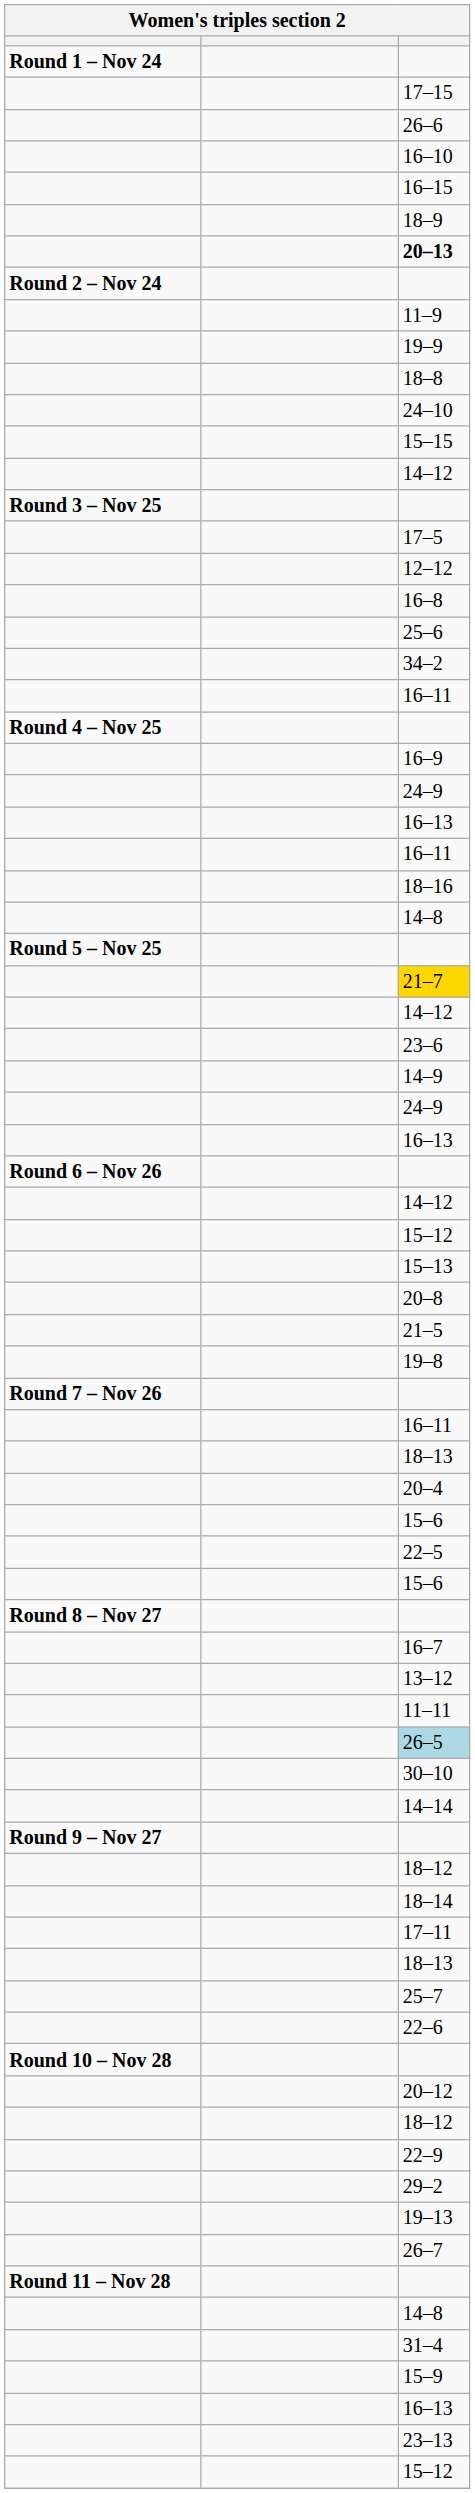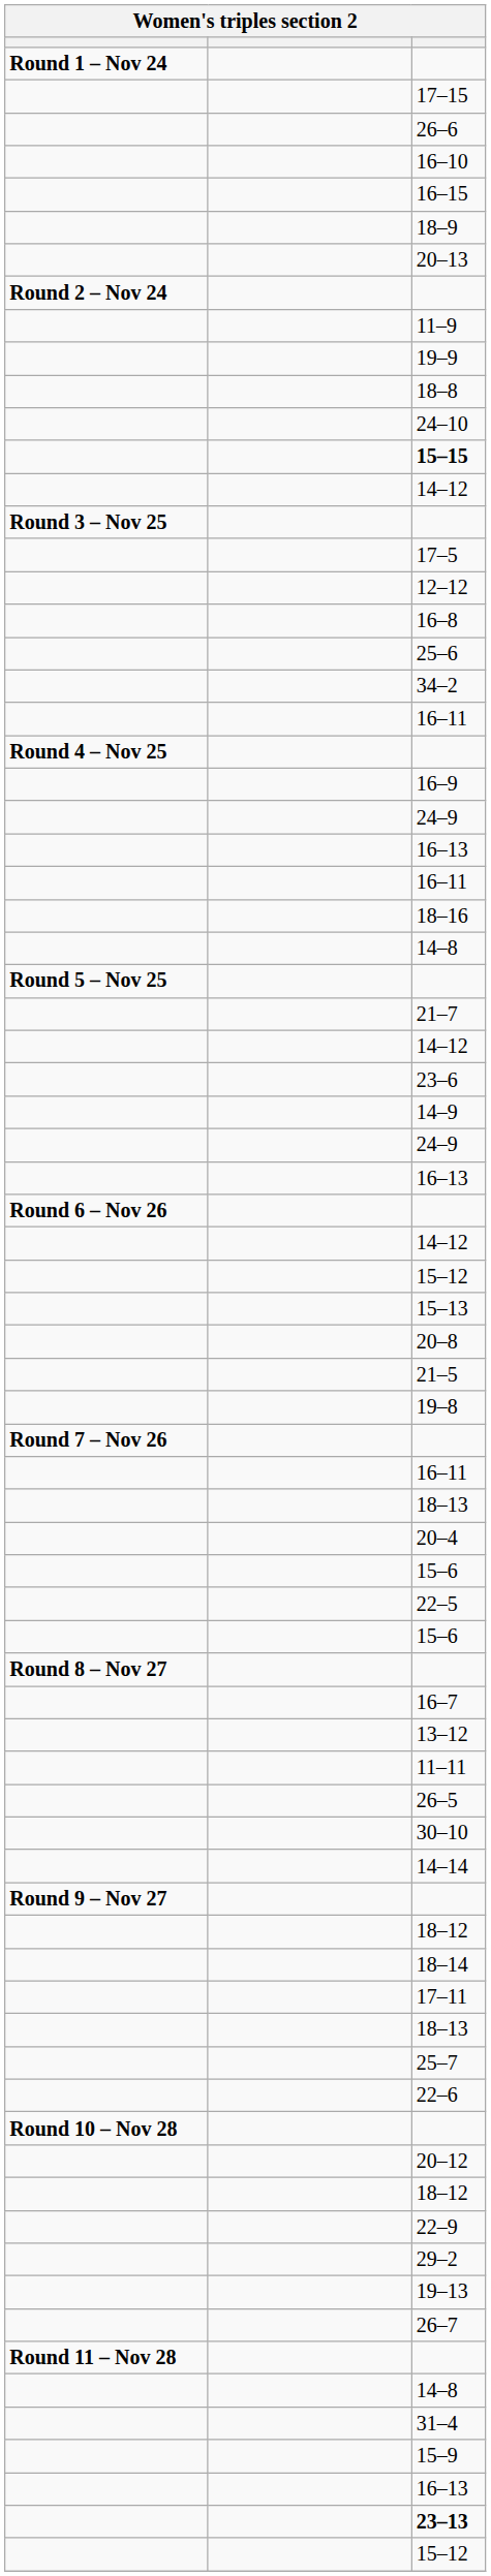 <table class="wikitable">
 <tr>
 <th colspan="3">Women's triples section 2</th>
 </tr>
 <tr>
 <th width=150></th>
 <th width=150></th>
 <th width=50></th>
 </tr>
 <tr>
 <td><strong>Round 1 – Nov 24</strong></td>
 <td></td>
 <td></td>
 </tr>
 <tr>
 <td></td>
 <td></td>
 <td>17–15</td>
 </tr>
 <tr>
 <td></td>
 <td></td>
 <td>26–6</td>
 </tr>
 <tr>
 <td></td>
 <td></td>
 <td>16–10</td>
 </tr>
 <tr>
 <td></td>
 <td></td>
 <td>16–15</td>
 </tr>
 <tr>
 <td></td>
 <td></td>
 <td>18–9</td>
 </tr>
 <tr>
 <td></td>
 <td></td>
-<td><strong>20–13</strong></td>
+<td>20–13</td>
 </tr>
 <tr>
 <td><strong>Round 2 – Nov 24</strong></td>
 <td></td>
 <td></td>
 </tr>
 <tr>
 <td></td>
 <td></td>
 <td>11–9</td>
 </tr>
 <tr>
 <td></td>
 <td></td>
 <td>19–9</td>
 </tr>
 <tr>
 <td></td>
 <td></td>
 <td>18–8</td>
 </tr>
 <tr>
 <td></td>
 <td></td>
 <td>24–10</td>
 </tr>
 <tr>
 <td></td>
 <td></td>
-<td>15–15</td>
+<td><strong>15–15</strong></td>
 </tr>
 <tr>
 <td></td>
 <td></td>
 <td>14–12</td>
 </tr>
 <tr>
 <td><strong>Round 3 – Nov 25</strong></td>
 <td></td>
 <td></td>
 </tr>
 <tr>
 <td></td>
 <td></td>
 <td>17–5</td>
 </tr>
 <tr>
 <td></td>
 <td></td>
 <td>12–12</td>
 </tr>
 <tr>
 <td></td>
 <td></td>
 <td>16–8</td>
 </tr>
 <tr>
 <td></td>
 <td></td>
 <td>25–6</td>
 </tr>
 <tr>
 <td></td>
 <td></td>
 <td>34–2</td>
 </tr>
 <tr>
 <td></td>
 <td></td>
 <td>16–11</td>
 </tr>
 <tr>
 <td><strong>Round 4 – Nov 25</strong></td>
 <td></td>
 <td></td>
 </tr>
 <tr>
 <td></td>
 <td></td>
 <td>16–9</td>
 </tr>
 <tr>
 <td></td>
 <td></td>
 <td>24–9</td>
 </tr>
 <tr>
 <td></td>
 <td></td>
 <td>16–13</td>
 </tr>
 <tr>
 <td></td>
 <td></td>
 <td>16–11</td>
 </tr>
 <tr>
 <td></td>
 <td></td>
 <td>18–16</td>
 </tr>
 <tr>
 <td></td>
 <td></td>
 <td>14–8</td>
 </tr>
 <tr>
 <td><strong>Round 5 – Nov 25</strong></td>
 <td></td>
 <td></td>
 </tr>
 <tr>
 <td></td>
 <td></td>
-<td style="background: gold;">21–7</td>
+<td>21–7</td>
 </tr>
 <tr>
 <td></td>
 <td></td>
 <td>14–12</td>
 </tr>
 <tr>
 <td></td>
 <td></td>
 <td>23–6</td>
 </tr>
 <tr>
 <td></td>
 <td></td>
 <td>14–9</td>
 </tr>
 <tr>
 <td></td>
 <td></td>
 <td>24–9</td>
 </tr>
 <tr>
 <td></td>
 <td></td>
 <td>16–13</td>
 </tr>
 <tr>
 <td><strong>Round 6  – Nov 26 </strong></td>
 <td></td>
 <td></td>
 </tr>
 <tr>
 <td></td>
 <td></td>
 <td>14–12</td>
 </tr>
 <tr>
 <td></td>
 <td></td>
 <td>15–12</td>
 </tr>
 <tr>
 <td></td>
 <td></td>
 <td>15–13</td>
 </tr>
 <tr>
 <td></td>
 <td></td>
 <td>20–8</td>
 </tr>
 <tr>
 <td></td>
 <td></td>
 <td>21–5</td>
 </tr>
 <tr>
 <td></td>
 <td></td>
 <td>19–8</td>
 </tr>
 <tr>
 <td><strong>Round 7 – Nov 26 </strong></td>
 <td></td>
 <td></td>
 </tr>
 <tr>
 <td></td>
 <td></td>
 <td>16–11</td>
 </tr>
 <tr>
 <td></td>
 <td></td>
 <td>18–13</td>
 </tr>
 <tr>
 <td></td>
 <td></td>
 <td>20–4</td>
 </tr>
 <tr>
 <td></td>
 <td></td>
 <td>15–6</td>
 </tr>
 <tr>
 <td></td>
 <td></td>
 <td>22–5</td>
 </tr>
 <tr>
 <td></td>
 <td></td>
 <td>15–6</td>
 </tr>
 <tr>
 <td><strong>Round 8 – Nov 27</strong></td>
 <td></td>
 <td></td>
 </tr>
 <tr>
 <td></td>
 <td></td>
 <td>16–7</td>
 </tr>
 <tr>
 <td></td>
 <td></td>
 <td>13–12</td>
 </tr>
 <tr>
 <td></td>
 <td></td>
 <td>11–11</td>
 </tr>
 <tr>
 <td></td>
 <td></td>
-<td style="background: lightblue;">26–5</td>
+<td>26–5</td>
 </tr>
 <tr>
 <td></td>
 <td></td>
 <td>30–10</td>
 </tr>
 <tr>
 <td></td>
 <td></td>
 <td>14–14</td>
 </tr>
 <tr>
 <td><strong>Round 9 – Nov 27</strong></td>
 <td></td>
 <td></td>
 </tr>
 <tr>
 <td></td>
 <td></td>
 <td>18–12</td>
 </tr>
 <tr>
 <td></td>
 <td></td>
 <td>18–14</td>
 </tr>
 <tr>
 <td></td>
 <td></td>
 <td>17–11</td>
 </tr>
 <tr>
 <td></td>
 <td></td>
 <td>18–13</td>
 </tr>
 <tr>
 <td></td>
 <td></td>
 <td>25–7</td>
 </tr>
 <tr>
 <td></td>
 <td></td>
 <td>22–6</td>
 </tr>
 <tr>
 <td><strong>Round 10 – Nov 28</strong></td>
 <td></td>
 <td></td>
 </tr>
 <tr>
 <td></td>
 <td></td>
 <td>20–12</td>
 </tr>
 <tr>
 <td></td>
 <td></td>
 <td>18–12</td>
 </tr>
 <tr>
 <td></td>
 <td></td>
 <td>22–9</td>
 </tr>
 <tr>
 <td></td>
 <td></td>
 <td>29–2</td>
 </tr>
 <tr>
 <td></td>
 <td></td>
 <td>19–13</td>
 </tr>
 <tr>
 <td></td>
 <td></td>
 <td>26–7</td>
 </tr>
 <tr>
 <td><strong>Round 11 – Nov 28</strong></td>
 <td></td>
 <td></td>
 </tr>
 <tr>
 <td></td>
 <td></td>
 <td>14–8</td>
 </tr>
 <tr>
 <td></td>
 <td></td>
 <td>31–4</td>
 </tr>
 <tr>
 <td></td>
 <td></td>
 <td>15–9</td>
 </tr>
 <tr>
 <td></td>
 <td></td>
 <td>16–13</td>
 </tr>
 <tr>
 <td></td>
 <td></td>
-<td>23–13</td>
+<td><strong>23–13</strong></td>
 </tr>
 <tr>
 <td></td>
 <td></td>
 <td>15–12</td>
 </tr>
 <tr>
 </tr>
 </table>
